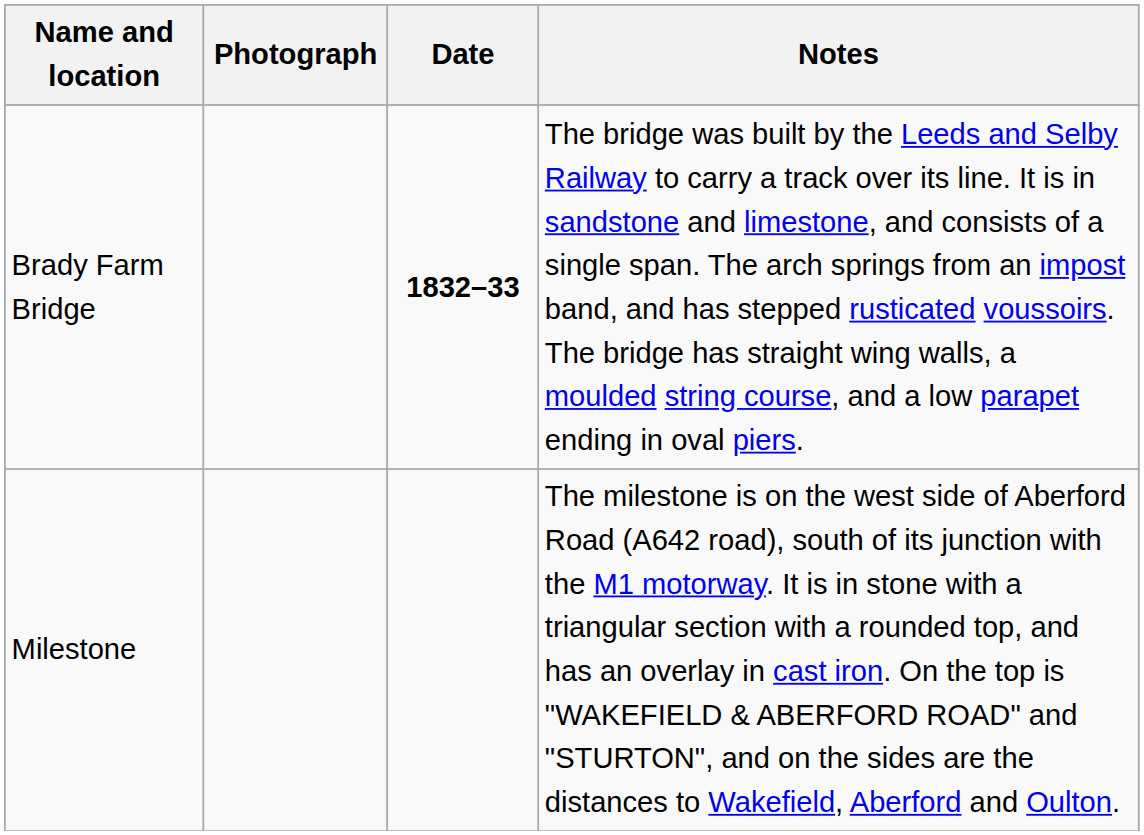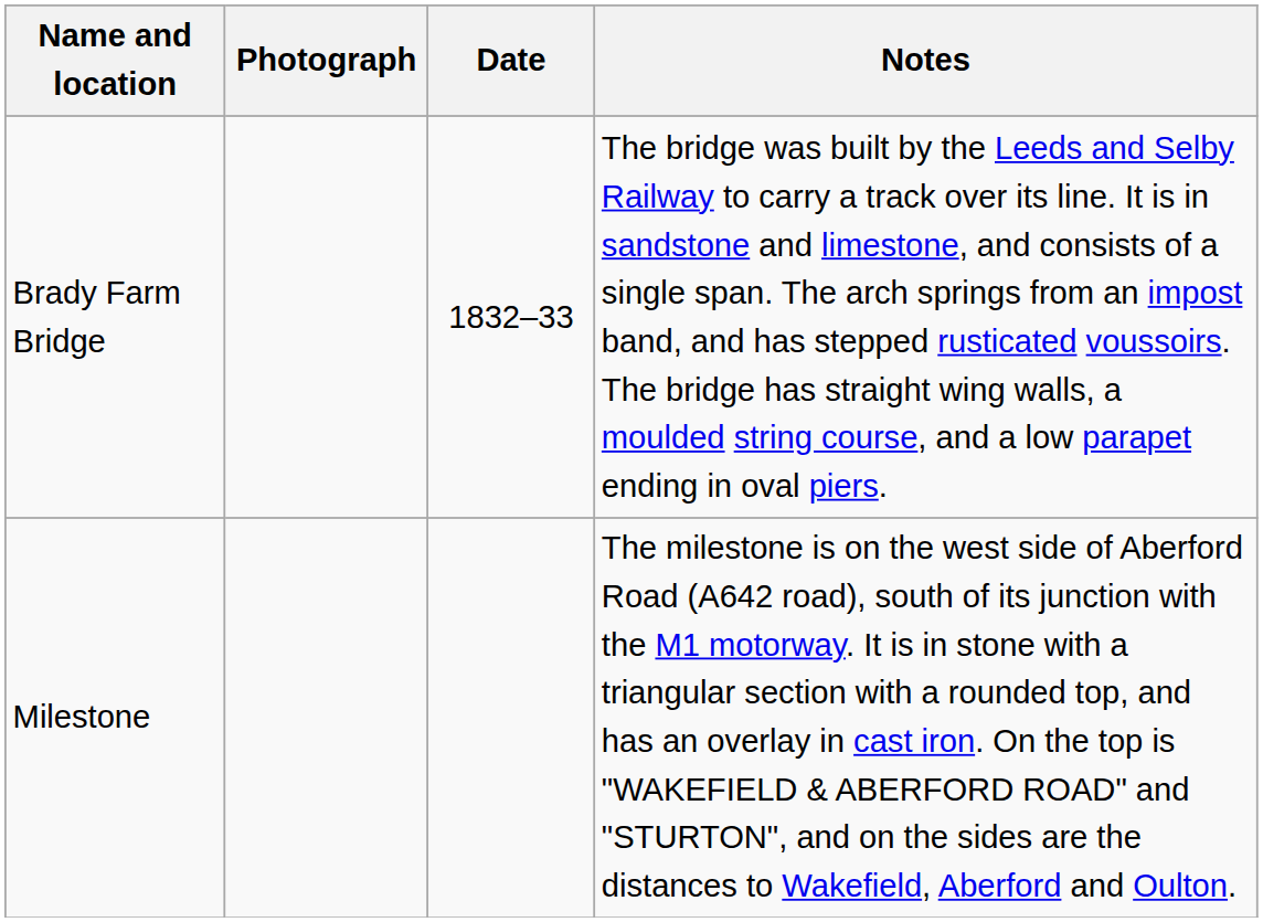 <table class="wikitable sortable plainrowheaders" style="width:100%;border:0px;text-align:left;line-height:150%;">
 <tr>
 <th scope="col"  style="width:150px">Name and location</th>
 <th scope="col"  style="width:100px" class="unsortable">Photograph</th>
 <th scope="col"  style="width:120px">Date</th>
 <th scope="col"  style="width:650px" class="unsortable">Notes</th>
 </tr>
 <tr>
 <td>Brady Farm Bridge<br><small></small></td>
 <td></td>
-<td align="center"><strong>1832–33</strong></td>
+<td align="center">1832–33</td>
 <td>The bridge was built by the <a href='#'>Leeds and Selby Railway</a> to carry a track over its line.  It is in <a href='#'>sandstone</a> and <a href='#'>limestone</a>, and consists of a single span.  The arch springs from an <a href='#'>impost</a> band, and has stepped <a href='#'>rusticated</a> <a href='#'>voussoirs</a>.  The bridge has straight wing walls, a <a href='#'>moulded</a> <a href='#'>string course</a>, and a low <a href='#'>parapet</a> ending in oval <a href='#'>piers</a>.</td>
 </tr>
 <tr>
 <td>Milestone<br><small></small></td>
 <td></td>
 <td align="center"></td>
 <td>The milestone is on the west side of Aberford Road (A642 road), south of its junction with the <a href='#'>M1 motorway</a>.  It is in stone with a triangular section with a rounded top, and has an overlay in <a href='#'>cast iron</a>.  On the top is "WAKEFIELD & ABERFORD ROAD" and "STURTON", and on the sides are the distances to <a href='#'>Wakefield</a>, <a href='#'>Aberford</a> and <a href='#'>Oulton</a>.</td>
 </tr>
 <tr>
 </tr>
 </table>
